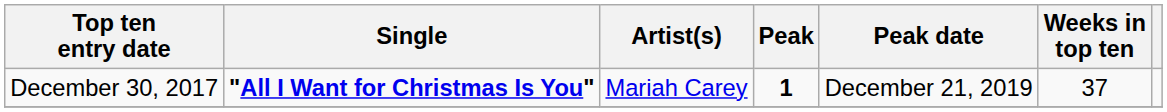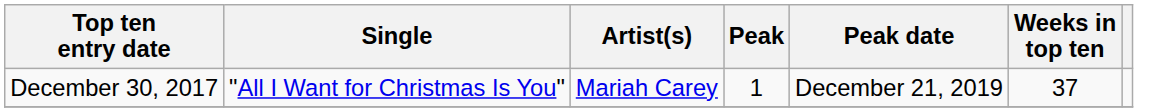 <table class="wikitable sortable">
 <tr>
 <th>Top ten<br>entry date</th>
 <th>Single</th>
 <th>Artist(s)</th>
 <th data-sort-type="number">Peak</th>
 <th>Peak date</th>
 <th data-sort-type="number">Weeks in<br>top ten</th>
 <th></th>
 </tr>
 <tr>
 <td>December 30, 2017</td>
-<td><strong>"<a href='#'>All I Want for Christmas Is You</a>"</strong></td>
+<td>"<a href='#'>All I Want for Christmas Is You</a>"</td>
 <td><a href='#'>Mariah Carey</a></td>
-<td style="text-align:center;"><strong>1</strong></td>
+<td style="text-align:center;">1</td>
 <td>December 21, 2019</td>
 <td style="text-align:center;">37</td>
 <td style="text-align:center;"></td>
 </tr>
 <tr>
 </tr>
 </table>
